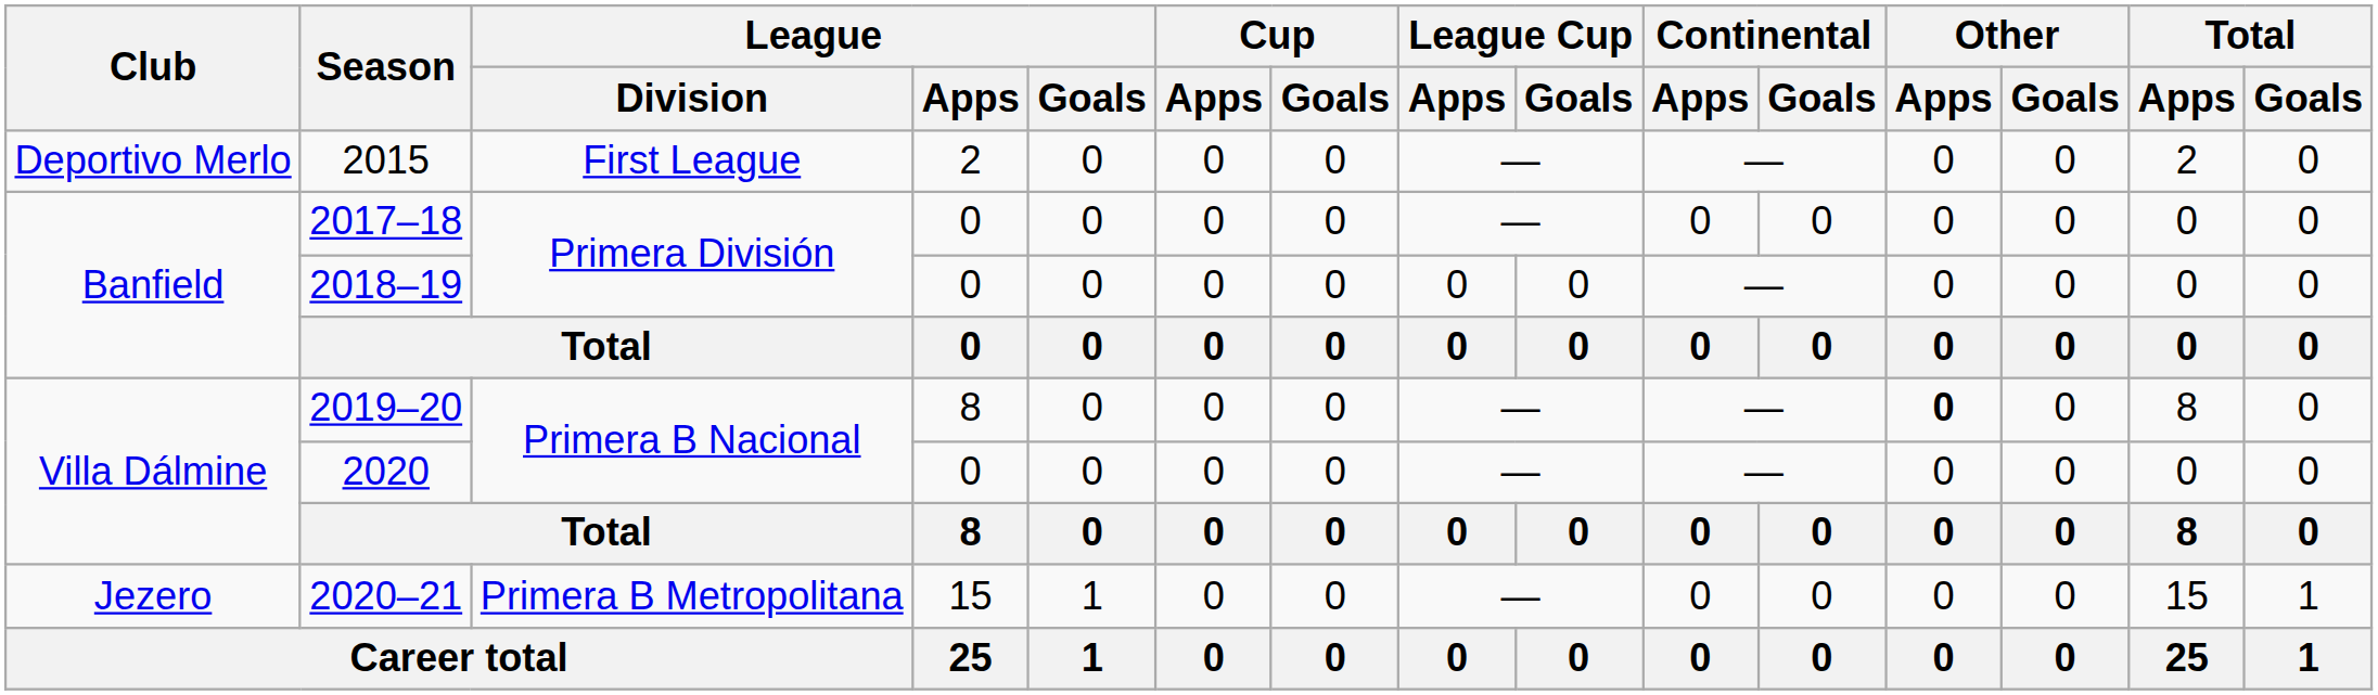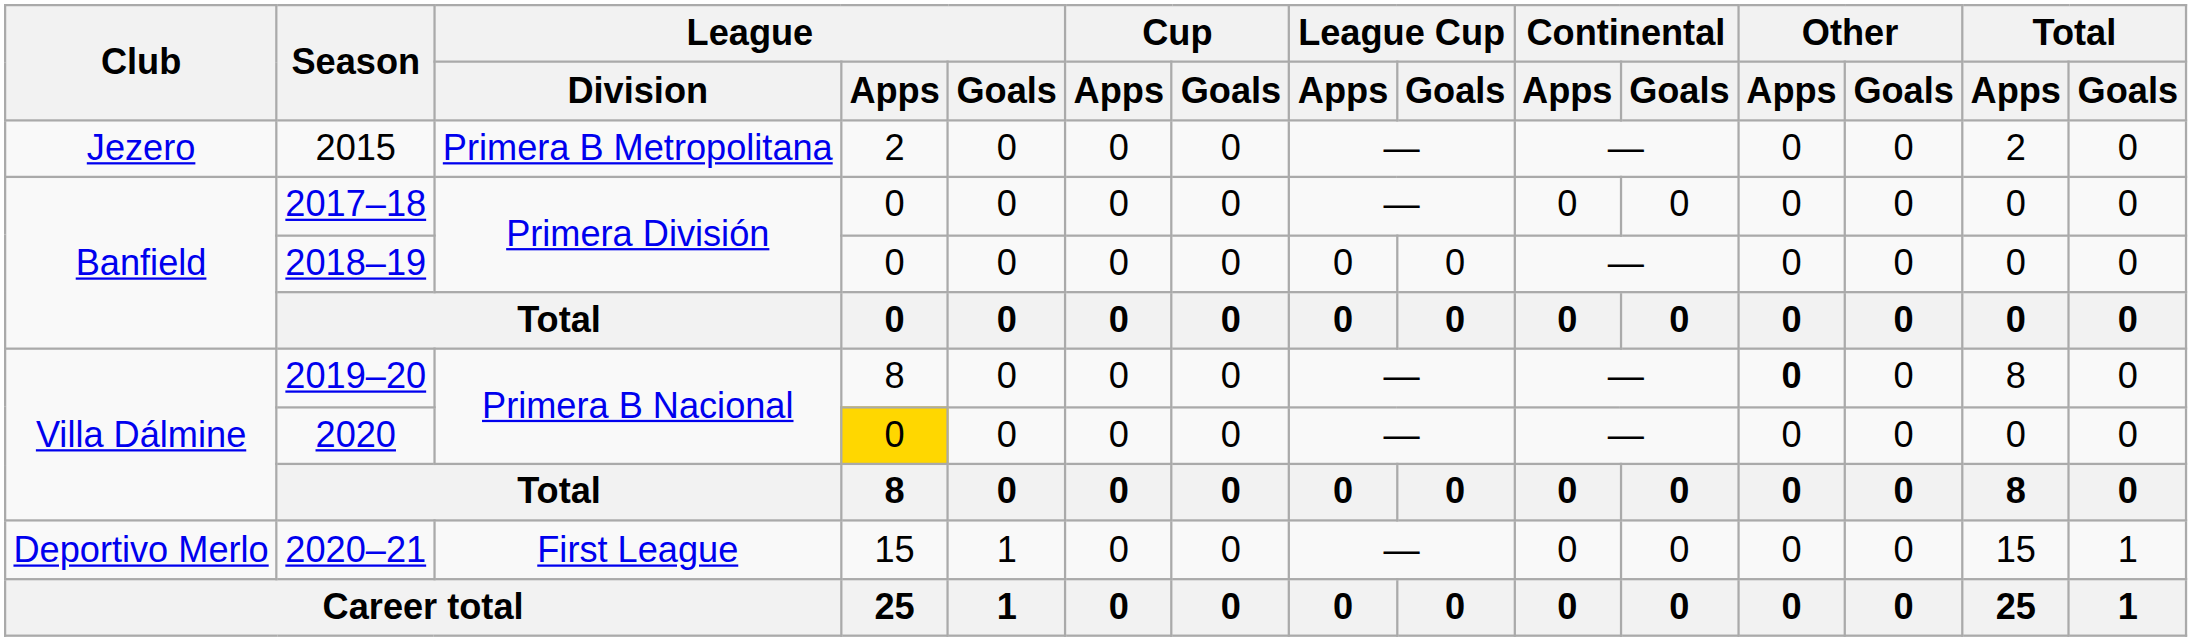 <table class="wikitable" style="text-align:center">
 <tr>
 <th rowspan="2">Club</th>
 <th rowspan="2">Season</th>
 <th colspan="3">League</th>
 <th colspan="2">Cup</th>
 <th colspan="2">League Cup</th>
 <th colspan="2">Continental</th>
 <th colspan="2">Other</th>
 <th colspan="2">Total</th>
 </tr>
 <tr>
 <th>Division</th>
 <th>Apps</th>
 <th>Goals</th>
 <th>Apps</th>
 <th>Goals</th>
 <th>Apps</th>
 <th>Goals</th>
 <th>Apps</th>
 <th>Goals</th>
 <th>Apps</th>
 <th>Goals</th>
 <th>Apps</th>
 <th>Goals</th>
 </tr>
 <tr>
-<td rowspan="1"><a href='#'>Deportivo Merlo</a></td>
+<td rowspan="1"><a href='#'>Jezero</a></td>
 <td>2015</td>
-<td rowspan="1"><a href='#'>First League</a></td>
+<td rowspan="1"><a href='#'>Primera B Metropolitana</a></td>
 <td>2</td>
 <td>0</td>
 <td>0</td>
 <td>0</td>
 <td colspan="2">—</td>
 <td colspan="2">—</td>
 <td>0</td>
 <td>0</td>
 <td>2</td>
 <td>0</td>
 </tr>
 <tr>
 <td rowspan="3"><a href='#'>Banfield</a></td>
 <td><a href='#'>2017–18</a></td>
 <td rowspan="2"><a href='#'>Primera División</a></td>
 <td>0</td>
 <td>0</td>
 <td>0</td>
 <td>0</td>
 <td colspan="2">—</td>
 <td>0</td>
 <td>0</td>
 <td>0</td>
 <td>0</td>
 <td>0</td>
 <td>0</td>
 </tr>
 <tr>
 <td><a href='#'>2018–19</a></td>
 <td>0</td>
 <td>0</td>
 <td>0</td>
 <td>0</td>
 <td>0</td>
 <td>0</td>
 <td colspan="2">—</td>
 <td>0</td>
 <td>0</td>
 <td>0</td>
 <td>0</td>
 </tr>
 <tr>
 <th colspan="2">Total</th>
 <th>0</th>
 <th>0</th>
 <th>0</th>
 <th>0</th>
 <th>0</th>
 <th>0</th>
 <th>0</th>
 <th>0</th>
 <th>0</th>
 <th>0</th>
 <th>0</th>
 <th>0</th>
 </tr>
 <tr>
 <td rowspan="3"><a href='#'>Villa Dálmine</a></td>
 <td><a href='#'>2019–20</a></td>
 <td rowspan="2"><a href='#'>Primera B Nacional</a></td>
 <td>8</td>
 <td>0</td>
 <td>0</td>
 <td>0</td>
 <td colspan="2">—</td>
 <td colspan="2">—</td>
 <td><strong>0</strong></td>
 <td>0</td>
 <td>8</td>
 <td>0</td>
 </tr>
 <tr>
 <td><a href='#'>2020</a></td>
-<td>0</td>
+<td style="background: gold;">0</td>
 <td>0</td>
 <td>0</td>
 <td>0</td>
 <td colspan="2">—</td>
 <td colspan="2">—</td>
 <td>0</td>
 <td>0</td>
 <td>0</td>
 <td>0</td>
 </tr>
 <tr>
 <th colspan="2">Total</th>
 <th>8</th>
 <th>0</th>
 <th>0</th>
 <th>0</th>
 <th>0</th>
 <th>0</th>
 <th>0</th>
 <th>0</th>
 <th>0</th>
 <th>0</th>
 <th>8</th>
 <th>0</th>
 </tr>
 <tr>
-<td rowspan="1"><a href='#'>Jezero</a></td>
+<td rowspan="1"><a href='#'>Deportivo Merlo</a></td>
 <td><a href='#'>2020–21</a></td>
-<td rowspan="1"><a href='#'>Primera B Metropolitana</a></td>
+<td rowspan="1"><a href='#'>First League</a></td>
 <td>15</td>
 <td>1</td>
 <td>0</td>
 <td>0</td>
 <td colspan="2">—</td>
 <td>0</td>
 <td>0</td>
 <td>0</td>
 <td>0</td>
 <td>15</td>
 <td>1</td>
 </tr>
 <tr>
 <th colspan="3">Career total</th>
 <th>25</th>
 <th>1</th>
 <th>0</th>
 <th>0</th>
 <th>0</th>
 <th>0</th>
 <th>0</th>
 <th>0</th>
 <th>0</th>
 <th>0</th>
 <th>25</th>
 <th>1</th>
 </tr>
 </table>
